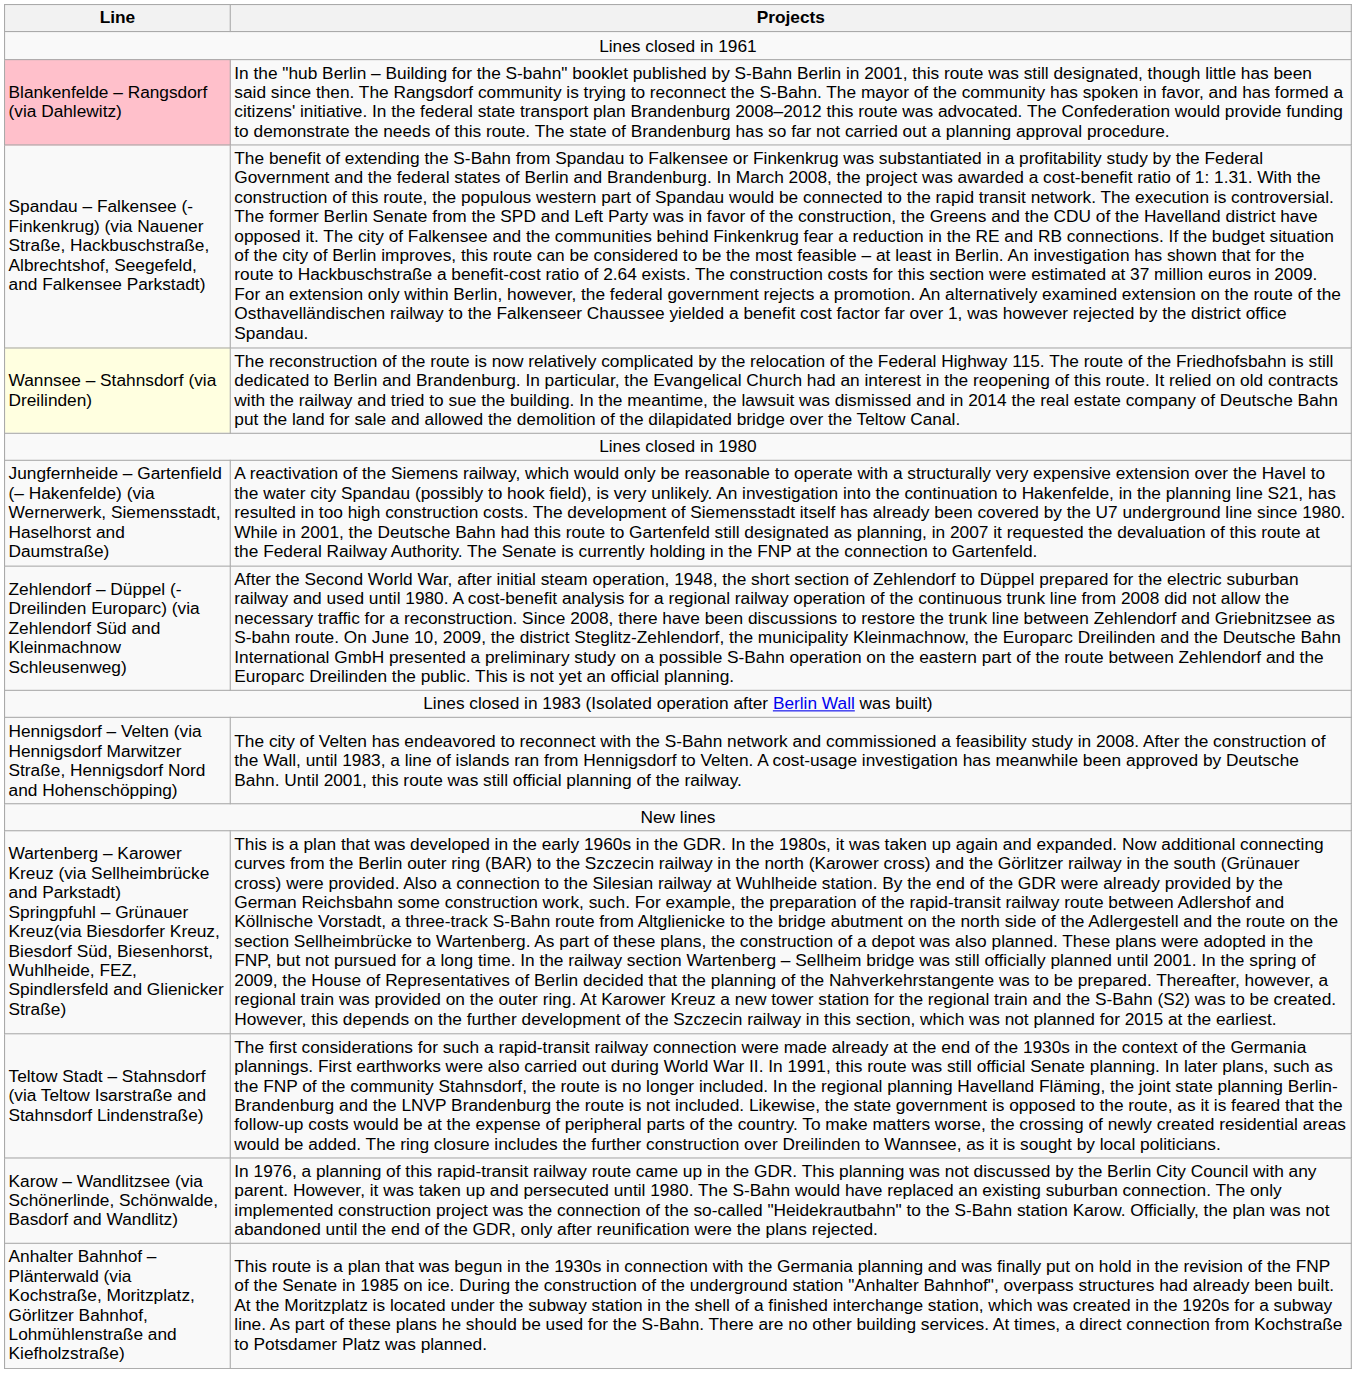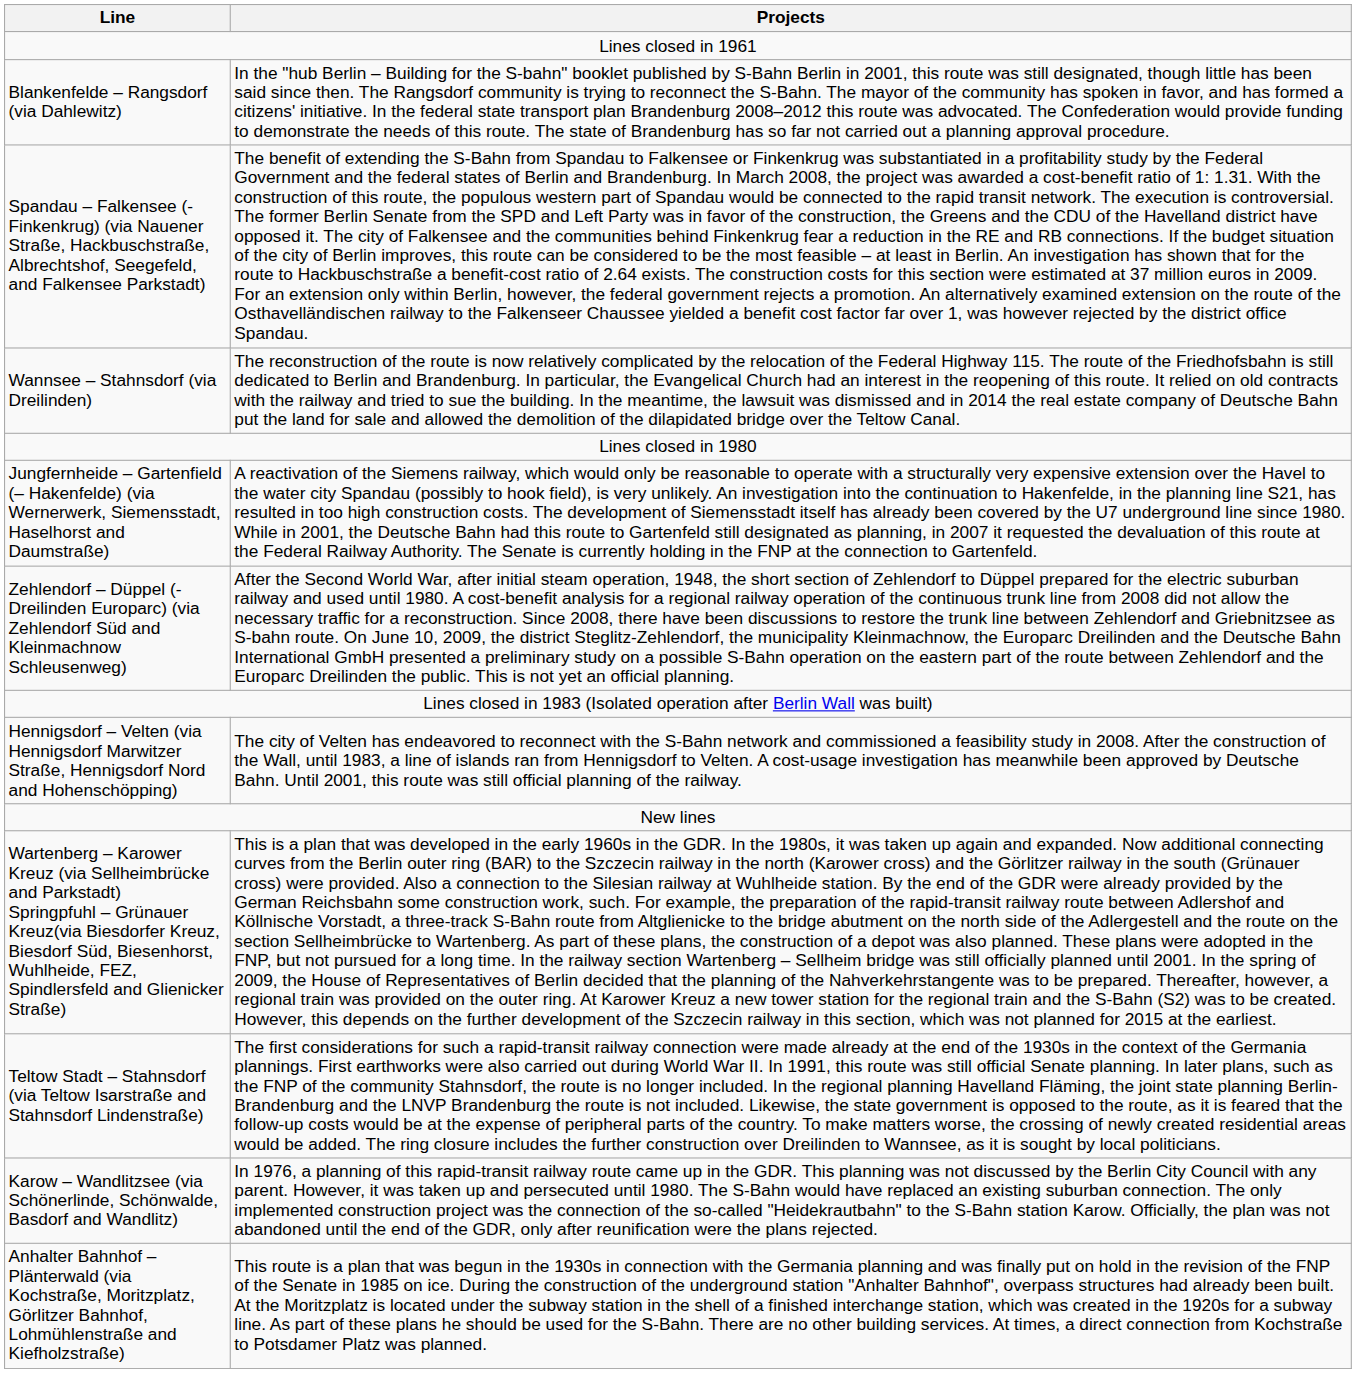 <table class="wikitable">
 <tr>
 <th>Line</th>
 <th>Projects</th>
 </tr>
 <tr>
 <td colspan="2" style="text-align:center;">Lines closed in 1961</td>
 </tr>
 <tr>
-<td style="background: pink;">Blankenfelde – Rangsdorf (via Dahlewitz)</td>
+<td>Blankenfelde – Rangsdorf (via Dahlewitz)</td>
 <td>In the "hub Berlin – Building for the S-bahn" booklet published by S-Bahn Berlin in 2001, this route was still designated, though little has been said since then. The Rangsdorf community is trying to reconnect the S-Bahn. The mayor of the community has spoken in favor, and has formed a citizens' initiative. In the federal state transport plan Brandenburg 2008–2012 this route was advocated. The Confederation would provide funding to demonstrate the needs of this route. The state of Brandenburg has so far not carried out a planning approval procedure.</td>
 </tr>
 <tr>
 <td>Spandau – Falkensee (- Finkenkrug) (via Nauener Straße, Hackbuschstraße, Albrechtshof, Seegefeld, and Falkensee Parkstadt)</td>
 <td>The benefit of extending the S-Bahn from Spandau to Falkensee or Finkenkrug was substantiated in a profitability study by the Federal Government and the federal states of Berlin and Brandenburg. In March 2008, the project was awarded a cost-benefit ratio of 1: 1.31. With the construction of this route, the populous western part of Spandau would be connected to the rapid transit network. The execution is controversial. The former Berlin Senate from the SPD and Left Party was in favor of the construction, the Greens and the CDU of the Havelland district have opposed it. The city of Falkensee and the communities behind Finkenkrug fear a reduction in the RE and RB connections. If the budget situation of the city of Berlin improves, this route can be considered to be the most feasible – at least in Berlin. An investigation has shown that for the route to Hackbuschstraße a benefit-cost ratio of 2.64 exists. The construction costs for this section were estimated at 37 million euros in 2009. For an extension only within Berlin, however, the federal government rejects a promotion. An alternatively examined extension on the route of the Osthavelländischen railway to the Falkenseer Chaussee yielded a benefit cost factor far over 1, was however rejected by the district office Spandau.</td>
 </tr>
 <tr>
-<td style="background: lightyellow;">Wannsee – Stahnsdorf (via Dreilinden)</td>
+<td>Wannsee – Stahnsdorf (via Dreilinden)</td>
 <td>The reconstruction of the route is now relatively complicated by the relocation of the Federal Highway 115. The route of the Friedhofsbahn is still dedicated to Berlin and Brandenburg. In particular, the Evangelical Church had an interest in the reopening of this route. It relied on old contracts with the railway and tried to sue the building. In the meantime, the lawsuit was dismissed and in 2014 the real estate company of Deutsche Bahn put the land for sale and allowed the demolition of the dilapidated bridge over the Teltow Canal.</td>
 </tr>
 <tr>
 <td colspan="2" style="text-align:center;">Lines closed in 1980</td>
 </tr>
 <tr>
 <td>Jungfernheide – Gartenfield (– Hakenfelde) (via Wernerwerk, Siemensstadt, Haselhorst and Daumstraße)</td>
 <td>A reactivation of the Siemens railway, which would only be reasonable to operate with a structurally very expensive extension over the Havel to the water city Spandau (possibly to hook field), is very unlikely. An investigation into the continuation to Hakenfelde, in the planning line S21, has resulted in too high construction costs. The development of Siemensstadt itself has already been covered by the U7 underground line since 1980. While in 2001, the Deutsche Bahn had this route to Gartenfeld still designated as planning, in 2007 it requested the devaluation of this route at the Federal Railway Authority. The Senate is currently holding in the FNP at the connection to Gartenfeld.</td>
 </tr>
 <tr>
 <td>Zehlendorf – Düppel (- Dreilinden Europarc) (via Zehlendorf Süd and Kleinmachnow Schleusenweg)</td>
 <td>After the Second World War, after initial steam operation, 1948, the short section of Zehlendorf to Düppel prepared for the electric suburban railway and used until 1980. A cost-benefit analysis for a regional railway operation of the continuous trunk line from 2008 did not allow the necessary traffic for a reconstruction. Since 2008, there have been discussions to restore the trunk line between Zehlendorf and Griebnitzsee as S-bahn route. On June 10, 2009, the district Steglitz-Zehlendorf, the municipality Kleinmachnow, the Europarc Dreilinden and the Deutsche Bahn International GmbH presented a preliminary study on a possible S-Bahn operation on the eastern part of the route between Zehlendorf and the Europarc Dreilinden the public. This is not yet an official planning.</td>
 </tr>
 <tr>
 <td colspan="2" style="text-align:center;">Lines closed in 1983 (Isolated operation after <a href='#'>Berlin Wall</a> was built)</td>
 </tr>
 <tr>
 <td>Hennigsdorf – Velten (via Hennigsdorf Marwitzer Straße, Hennigsdorf Nord and Hohenschöpping)</td>
 <td>The city of Velten has endeavored to reconnect with the S-Bahn network and commissioned a feasibility study in 2008. After the construction of the Wall, until 1983, a line of islands ran from Hennigsdorf to Velten. A cost-usage investigation has meanwhile been approved by Deutsche Bahn. Until 2001, this route was still official planning of the railway.</td>
 </tr>
 <tr>
 <td colspan="2" style="text-align:center;">New lines</td>
 </tr>
 <tr>
 <td>Wartenberg – Karower Kreuz (via Sellheimbrücke and Parkstadt)<br>Springpfuhl – Grünauer Kreuz(via Biesdorfer Kreuz, Biesdorf Süd, Biesenhorst, Wuhlheide, FEZ, Spindlersfeld and Glienicker Straße)</td>
 <td>This is a plan that was developed in the early 1960s in the GDR. In the 1980s, it was taken up again and expanded. Now additional connecting curves from the Berlin outer ring (BAR) to the Szczecin railway in the north (Karower cross) and the Görlitzer railway in the south (Grünauer cross) were provided. Also a connection to the Silesian railway at Wuhlheide station. By the end of the GDR were already provided by the German Reichsbahn some construction work, such. For example, the preparation of the rapid-transit railway route between Adlershof and Köllnische Vorstadt, a three-track S-Bahn route from Altglienicke to the bridge abutment on the north side of the Adlergestell and the route on the section Sellheimbrücke to Wartenberg. As part of these plans, the construction of a depot was also planned. These plans were adopted in the FNP, but not pursued for a long time. In the railway section Wartenberg – Sellheim bridge was still officially planned until 2001. In the spring of 2009, the House of Representatives of Berlin decided that the planning of the Nahverkehrstangente was to be prepared. Thereafter, however, a regional train was provided on the outer ring. At Karower Kreuz a new tower station for the regional train and the S-Bahn (S2) was to be created. However, this depends on the further development of the Szczecin railway in this section, which was not planned for 2015 at the earliest.</td>
 </tr>
 <tr>
 <td>Teltow Stadt – Stahnsdorf (via Teltow Isarstraße and Stahnsdorf Lindenstraße)</td>
 <td>The first considerations for such a rapid-transit railway connection were made already at the end of the 1930s in the context of the Germania plannings. First earthworks were also carried out during World War II. In 1991, this route was still official Senate planning. In later plans, such as the FNP of the community Stahnsdorf, the route is no longer included. In the regional planning Havelland Fläming, the joint state planning Berlin-Brandenburg and the LNVP Brandenburg the route is not included. Likewise, the state government is opposed to the route, as it is feared that the follow-up costs would be at the expense of peripheral parts of the country. To make matters worse, the crossing of newly created residential areas would be added. The ring closure includes the further construction over Dreilinden to Wannsee, as it is sought by local politicians.</td>
 </tr>
 <tr>
 <td>Karow – Wandlitzsee (via Schönerlinde, Schönwalde, Basdorf and Wandlitz)</td>
 <td>In 1976, a planning of this rapid-transit railway route came up in the GDR. This planning was not discussed by the Berlin City Council with any parent. However, it was taken up and persecuted until 1980. The S-Bahn would have replaced an existing suburban connection. The only implemented construction project was the connection of the so-called "Heidekrautbahn" to the S-Bahn station Karow. Officially, the plan was not abandoned until the end of the GDR, only after reunification were the plans rejected.</td>
 </tr>
 <tr>
 <td>Anhalter Bahnhof – Plänterwald (via Kochstraße, Moritzplatz, Görlitzer Bahnhof, Lohmühlenstraße and Kiefholzstraße)</td>
 <td>This route is a plan that was begun in the 1930s in connection with the Germania planning and was finally put on hold in the revision of the FNP of the Senate in 1985 on ice. During the construction of the underground station "Anhalter Bahnhof", overpass structures had already been built. At the Moritzplatz is located under the subway station in the shell of a finished interchange station, which was created in the 1920s for a subway line. As part of these plans he should be used for the S-Bahn. There are no other building services. At times, a direct connection from Kochstraße to Potsdamer Platz was planned.</td>
 </tr>
 </table>
